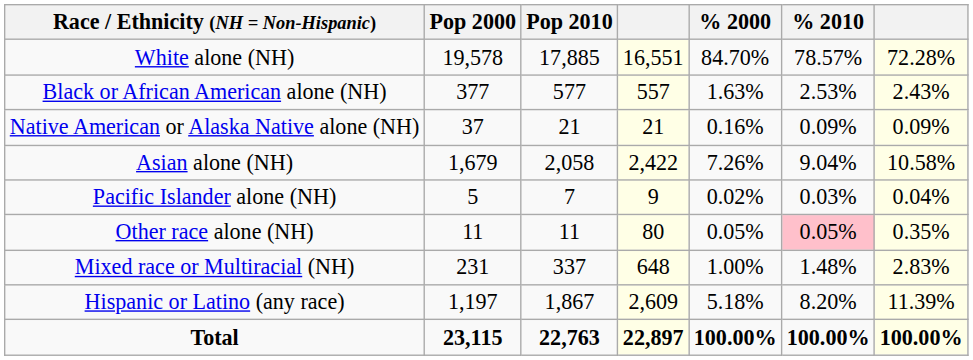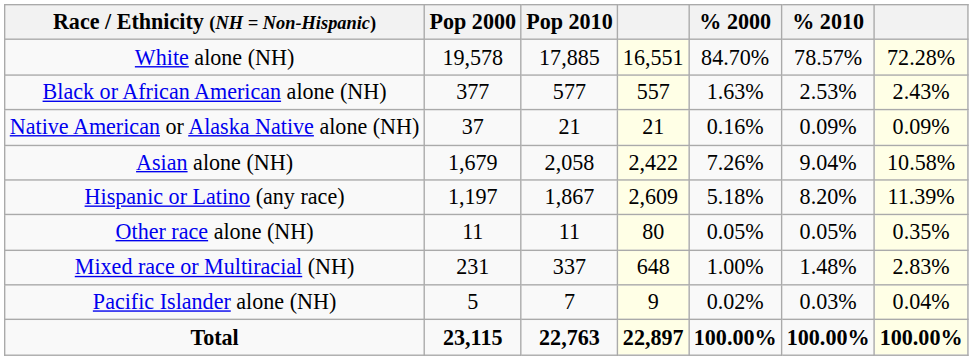 <table class="wikitable" style="text-align:center;">
 <tr>
 <th>Race / Ethnicity <small>(<em>NH = Non-Hispanic</em>)</small></th>
 <th>Pop 2000</th>
 <th>Pop 2010</th>
 <th></th>
 <th>% 2000</th>
 <th>% 2010</th>
 <th></th>
 </tr>
 <tr>
 <td><a href='#'>White</a> alone (NH)</td>
 <td>19,578</td>
 <td>17,885</td>
 <td style='background: #ffffe6;'>16,551</td>
 <td>84.70%</td>
 <td>78.57%</td>
 <td style='background: #ffffe6;'>72.28%</td>
 </tr>
 <tr>
 <td><a href='#'>Black or African American</a> alone (NH)</td>
 <td>377</td>
 <td>577</td>
 <td style='background: #ffffe6;'>557</td>
 <td>1.63%</td>
 <td>2.53%</td>
 <td style='background: #ffffe6;'>2.43%</td>
 </tr>
 <tr>
 <td><a href='#'>Native American</a> or <a href='#'>Alaska Native</a> alone (NH)</td>
 <td>37</td>
 <td>21</td>
 <td style='background: #ffffe6;'>21</td>
 <td>0.16%</td>
 <td>0.09%</td>
 <td style='background: #ffffe6;'>0.09%</td>
 </tr>
 <tr>
 <td><a href='#'>Asian</a> alone (NH)</td>
 <td>1,679</td>
 <td>2,058</td>
 <td style='background: #ffffe6;'>2,422</td>
 <td>7.26%</td>
 <td>9.04%</td>
 <td style='background: #ffffe6;'>10.58%</td>
 </tr>
 <tr>
-<td><a href='#'>Pacific Islander</a> alone (NH)</td>
-<td>5</td>
-<td>7</td>
-<td style='background: #ffffe6;'>9</td>
-<td>0.02%</td>
-<td>0.03%</td>
-<td style='background: #ffffe6;'>0.04%</td>
+<td><a href='#'>Hispanic or Latino</a> (any race)</td>
+<td>1,197</td>
+<td>1,867</td>
+<td style='background: #ffffe6;'>2,609</td>
+<td>5.18%</td>
+<td>8.20%</td>
+<td style='background: #ffffe6;'>11.39%</td>
 </tr>
 <tr>
 <td><a href='#'>Other race</a> alone (NH)</td>
 <td>11</td>
 <td>11</td>
 <td style='background: #ffffe6;'>80</td>
 <td>0.05%</td>
-<td style="background: pink;">0.05%</td>
+<td>0.05%</td>
 <td style='background: #ffffe6;'>0.35%</td>
 </tr>
 <tr>
 <td><a href='#'>Mixed race or Multiracial</a> (NH)</td>
 <td>231</td>
 <td>337</td>
 <td style='background: #ffffe6;'>648</td>
 <td>1.00%</td>
 <td>1.48%</td>
 <td style='background: #ffffe6;'>2.83%</td>
 </tr>
 <tr>
-<td><a href='#'>Hispanic or Latino</a> (any race)</td>
-<td>1,197</td>
-<td>1,867</td>
-<td style='background: #ffffe6;'>2,609</td>
-<td>5.18%</td>
-<td>8.20%</td>
-<td style='background: #ffffe6;'>11.39%</td>
+<td><a href='#'>Pacific Islander</a> alone (NH)</td>
+<td>5</td>
+<td>7</td>
+<td style='background: #ffffe6;'>9</td>
+<td>0.02%</td>
+<td>0.03%</td>
+<td style='background: #ffffe6;'>0.04%</td>
 </tr>
 <tr>
 <td><strong>Total</strong></td>
 <td><strong>23,115</strong></td>
 <td><strong>22,763</strong></td>
 <td style='background: #ffffe6;'><strong>22,897</strong></td>
 <td><strong>100.00%</strong></td>
 <td><strong>100.00%</strong></td>
 <td style='background: #ffffe6;'><strong>100.00%</strong></td>
 </tr>
 </table>
